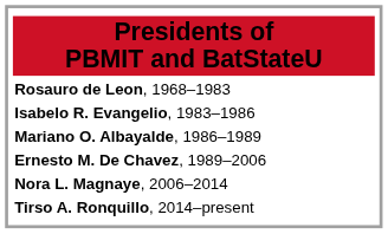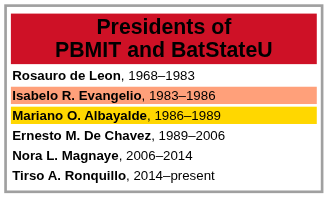 <table style="float:right; margin:1em 1em 1em 1em; width:15em; border: 2px solid #a0a0a0; padding: 1px; bg-color=yellow; text-align:right;">
 <tr style="text-align:center;">
 </tr>
 <tr bgcolor="#CE1126" align="center">
 <td><span><strong>Presidents of <br>PBMIT and BatStateU</strong></span></td>
 </tr>
 <tr style="text-align:left; font-size:x-small;">
 <td><strong>Rosauro de Leon</strong>, 1968–1983</td>
 </tr>
 <tr style="text-align:left; font-size:x-small;">
-<td><strong>Isabelo R. Evangelio</strong>, 1983–1986</td>
+<td style="background: lightsalmon;"><strong>Isabelo R. Evangelio</strong>, 1983–1986</td>
 </tr>
 <tr style="text-align:left; font-size:x-small;">
-<td><strong>Mariano O. Albayalde</strong>, 1986–1989</td>
+<td style="background: gold;"><strong>Mariano O. Albayalde</strong>, 1986–1989</td>
 </tr>
 <tr style="text-align:left; font-size:x-small;">
 <td><strong>Ernesto M. De Chavez</strong>, 1989–2006</td>
 </tr>
 <tr style="text-align:left; font-size:x-small;">
 <td><strong>Nora L. Magnaye</strong>, 2006–2014</td>
 </tr>
 <tr style="text-align:left; font-size:x-small;">
 <td><strong>Tirso A. Ronquillo</strong>, 2014–present</td>
 </tr>
 <tr style="text-align:left; font-size:x-small;">
 </tr>
 </table>
